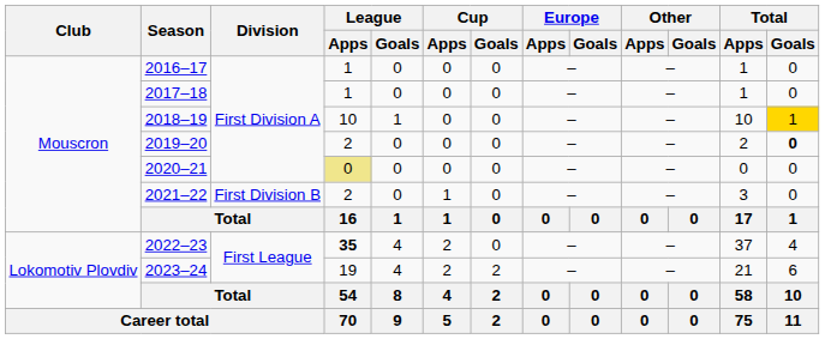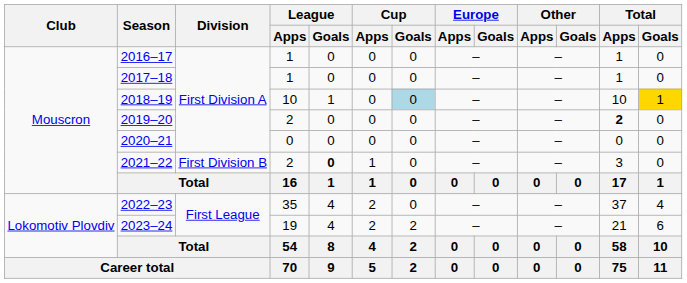 <table class="wikitable" style="text-align: center;">
 <tr>
 <th rowspan="2">Club</th>
 <th rowspan="2">Season</th>
 <th rowspan="2">Division</th>
 <th colspan="2">League</th>
 <th colspan="2">Cup</th>
 <th colspan="2"><a href='#'>Europe</a></th>
 <th colspan="2">Other</th>
 <th colspan="2">Total</th>
 </tr>
 <tr>
 <th width="15">Apps</th>
 <th width="15">Goals</th>
 <th width="15">Apps</th>
 <th width="15">Goals</th>
 <th width="15">Apps</th>
 <th width="15">Goals</th>
 <th width="15">Apps</th>
 <th width="15">Goals</th>
 <th width="15">Apps</th>
 <th width="15">Goals</th>
 </tr>
 <tr>
 <td rowspan="7" align=center valign=center><a href='#'>Mouscron</a></td>
 <td><a href='#'>2016–17</a></td>
 <td rowspan=5><a href='#'>First Division A</a></td>
 <td>1</td>
 <td>0</td>
 <td>0</td>
 <td>0</td>
 <td colspan=2>–</td>
 <td colspan=2>–</td>
 <td>1</td>
 <td>0</td>
 </tr>
 <tr>
 <td><a href='#'>2017–18</a></td>
 <td>1</td>
 <td>0</td>
 <td>0</td>
 <td>0</td>
 <td colspan=2>–</td>
 <td colspan="2">–</td>
 <td>1</td>
 <td>0</td>
 </tr>
 <tr>
 <td><a href='#'>2018–19</a></td>
 <td>10</td>
 <td>1</td>
 <td>0</td>
-<td>0</td>
+<td style="background: lightblue;">0</td>
 <td colspan=2>–</td>
 <td colspan=2>–</td>
 <td>10</td>
 <td style="background: gold;">1</td>
 </tr>
 <tr>
 <td><a href='#'>2019–20</a></td>
 <td>2</td>
 <td>0</td>
 <td>0</td>
 <td>0</td>
 <td colspan=2>–</td>
 <td colspan=2>–</td>
-<td>2</td>
-<td><strong>0</strong></td>
+<td><strong>2</strong></td>
+<td>0</td>
 </tr>
 <tr>
 <td><a href='#'>2020–21</a></td>
-<td style="background: khaki;">0</td>
+<td>0</td>
 <td>0</td>
 <td>0</td>
 <td>0</td>
 <td colspan=2>–</td>
 <td colspan=2>–</td>
 <td>0</td>
 <td>0</td>
 </tr>
 <tr>
 <td><a href='#'>2021–22</a></td>
 <td><a href='#'>First Division B</a></td>
 <td>2</td>
-<td>0</td>
+<td><strong>0</strong></td>
 <td>1</td>
 <td>0</td>
 <td colspan=2>–</td>
 <td colspan=2>–</td>
 <td>3</td>
 <td>0</td>
 </tr>
 <tr>
 <th colspan=2>Total</th>
 <th>16</th>
 <th>1</th>
 <th>1</th>
 <th>0</th>
 <th>0</th>
 <th>0</th>
 <th>0</th>
 <th>0</th>
 <th>17</th>
 <th>1</th>
 </tr>
 <tr>
 <td rowspan=3 align=center valign=center><a href='#'>Lokomotiv Plovdiv</a></td>
 <td><a href='#'>2022–23</a></td>
 <td rowspan=2><a href='#'>First League</a></td>
-<td><strong>35</strong></td>
+<td>35</td>
 <td>4</td>
 <td>2</td>
 <td>0</td>
 <td colspan="2">–</td>
 <td colspan="2">–</td>
 <td>37</td>
 <td>4</td>
 </tr>
 <tr>
 <td><a href='#'>2023–24</a></td>
 <td>19</td>
 <td>4</td>
 <td>2</td>
 <td>2</td>
 <td colspan="2">–</td>
 <td colspan="2">–</td>
 <td>21</td>
 <td>6</td>
 </tr>
 <tr>
 <th colspan=2>Total</th>
 <th>54</th>
 <th>8</th>
 <th>4</th>
 <th>2</th>
 <th>0</th>
 <th>0</th>
 <th>0</th>
 <th>0</th>
 <th>58</th>
 <th>10</th>
 </tr>
 <tr>
 <th colspan=3>Career total</th>
 <th>70</th>
 <th>9</th>
 <th>5</th>
 <th>2</th>
 <th>0</th>
 <th>0</th>
 <th>0</th>
 <th>0</th>
 <th>75</th>
 <th>11</th>
 </tr>
 </table>
